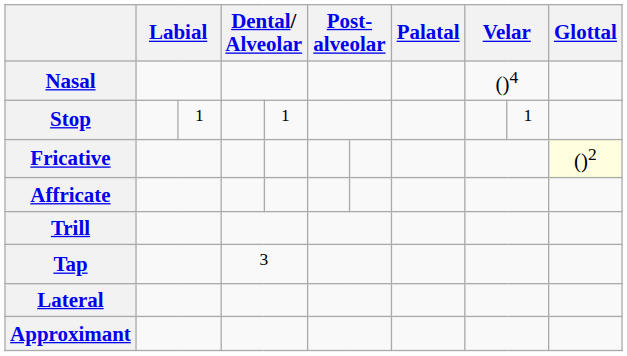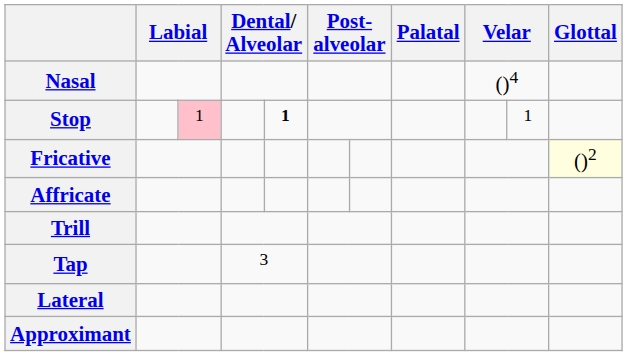 <table class="wikitable" style="margin: 1em auto 1em auto; text-align: center;">
 <tr>
 <th></th>
 <th colspan="2"><a href='#'>Labial</a></th>
 <th colspan="2"><a href='#'>Dental</a>/<br><a href='#'>Alveolar</a></th>
 <th colspan="2"><a href='#'>Post-<br>alveolar</a></th>
 <th><a href='#'>Palatal</a></th>
 <th colspan="2"><a href='#'>Velar</a></th>
 <th><a href='#'>Glottal</a></th>
 </tr>
 <tr>
 <th><a href='#'>Nasal</a></th>
 <td colspan="2"></td>
 <td colspan="2"></td>
 <td colspan="2"></td>
 <td></td>
 <td colspan="2">()<sup>4</sup></td>
 <td></td>
 </tr>
 <tr>
 <th><a href='#'>Stop</a></th>
 <td width="25px"></td>
-<td width="25px"><sup>1</sup></td>
+<td width="25px" style="background: pink;"><sup>1</sup></td>
 <td width="25px"></td>
-<td width="25px"><sup>1</sup></td>
+<td width="25px"><strong><sup>1</sup></strong></td>
 <td colspan="2"></td>
 <td></td>
 <td width="25px"></td>
 <td width="25px"><sup>1</sup></td>
 <td></td>
 </tr>
 <tr>
 <th><a href='#'>Fricative</a></th>
 <td colspan="2"></td>
 <td width="25px"></td>
 <td width="25px"></td>
 <td width="25px"></td>
 <td width="25px"></td>
 <td></td>
 <td colspan="2"></td>
 <td style="background: lightyellow;">()<sup>2</sup></td>
 </tr>
 <tr>
 <th><a href='#'>Affricate</a></th>
 <td colspan="2"></td>
 <td width="25px"></td>
 <td width="25px"></td>
 <td width="25px"></td>
 <td width="25px"></td>
 <td></td>
 <td colspan="2"></td>
 <td></td>
 </tr>
 <tr>
 <th><a href='#'>Trill</a></th>
 <td colspan="2"></td>
 <td colspan="2"></td>
 <td colspan="2"></td>
 <td></td>
 <td colspan="2"></td>
 <td></td>
 </tr>
 <tr>
 <th><a href='#'>Tap</a></th>
 <td colspan="2"></td>
 <td colspan="2"><sup>3</sup></td>
 <td colspan="2"></td>
 <td></td>
 <td colspan="2"></td>
 <td></td>
 </tr>
 <tr>
 <th><a href='#'>Lateral</a></th>
 <td colspan="2"></td>
 <td colspan="2"></td>
 <td colspan="2"></td>
 <td></td>
 <td colspan="2"></td>
 <td></td>
 </tr>
 <tr>
 <th><a href='#'>Approximant</a></th>
 <td colspan="2"></td>
 <td colspan="2"></td>
 <td colspan="2"></td>
 <td></td>
 <td colspan="2"></td>
 <td></td>
 </tr>
 </table>
